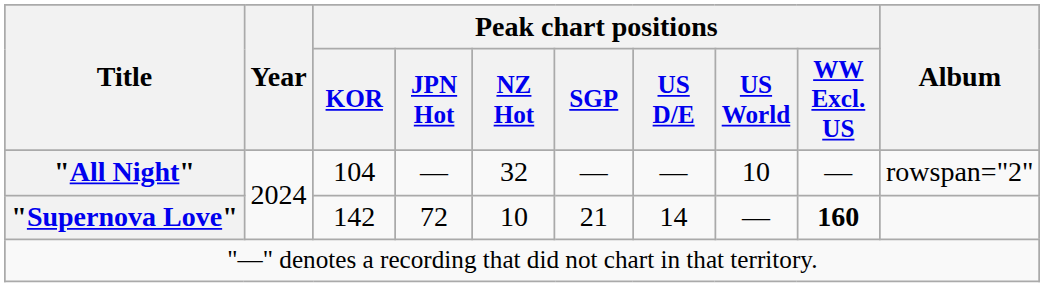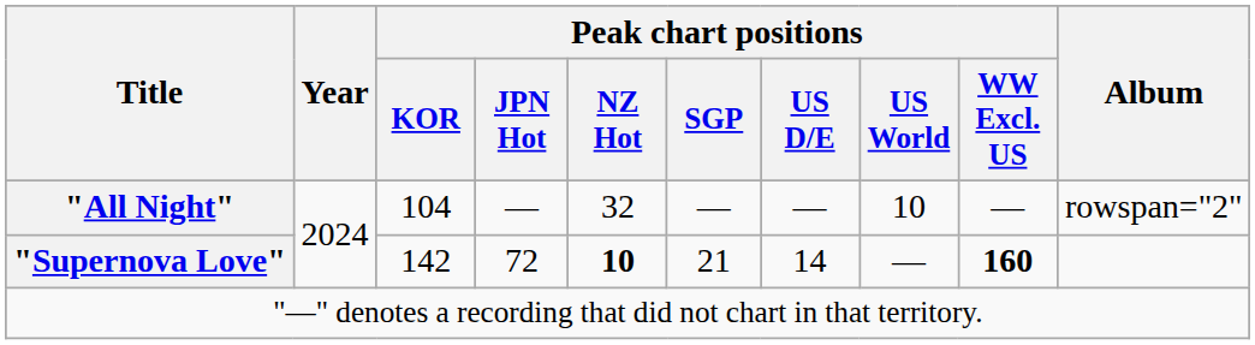 <table class="wikitable plainrowheaders" style="text-align:center">
 <tr>
 <th scope="col" rowspan="2">Title</th>
 <th scope="col" rowspan="2">Year</th>
 <th scope="col" colspan="7">Peak chart positions</th>
 <th scope="col" rowspan="2">Album</th>
 </tr>
 <tr>
 <th scope="col" style="font-size:90%; width:2.8em"><a href='#'>KOR</a><br></th>
 <th scope="col" style="font-size:90%; width:2.6em"><a href='#'>JPN<br>Hot</a><br></th>
 <th scope="col" style="font-size:90%; width:2.8em"><a href='#'>NZ<br>Hot</a><br></th>
 <th scope="col" style="font-size:90%; width:2.6em"><a href='#'>SGP</a><br></th>
 <th scope="col" style="font-size:90%; width:2.8em"><a href='#'>US<br>D/E</a><br></th>
 <th scope="col" style="font-size:90%; width:2.8em"><a href='#'>US<br>World</a><br></th>
 <th scope="col" style="font-size:90%; width:2.8em"><a href='#'>WW<br>Excl.<br>US</a><br></th>
 </tr>
 <tr>
 <th scope="row">"<a href='#'>All Night</a>"<br></th>
 <td rowspan="2">2024</td>
 <td>104</td>
 <td>—</td>
 <td>32</td>
 <td>—</td>
 <td>—</td>
 <td>10</td>
 <td>—</td>
 <td>rowspan="2" </td>
 </tr>
 <tr>
 <th scope="row">"<a href='#'>Supernova Love</a>"<br></th>
 <td>142</td>
 <td>72</td>
-<td>10</td>
+<td><strong>10</strong></td>
 <td>21</td>
 <td>14</td>
 <td>—</td>
 <td><strong>160</strong></td>
 </tr>
 <tr>
 <td colspan="10" style="font-size:90%">"—" denotes a recording that did not chart in that territory.</td>
 </tr>
 </table>
